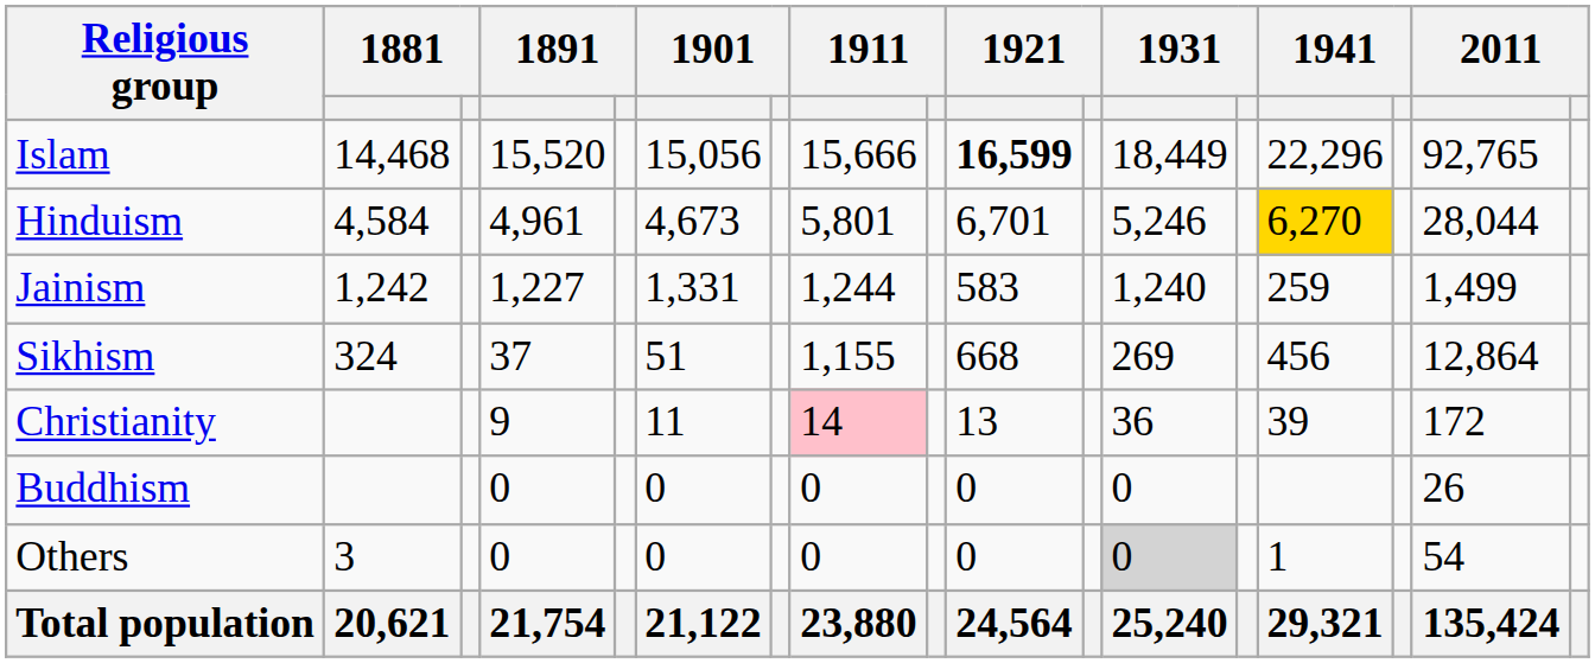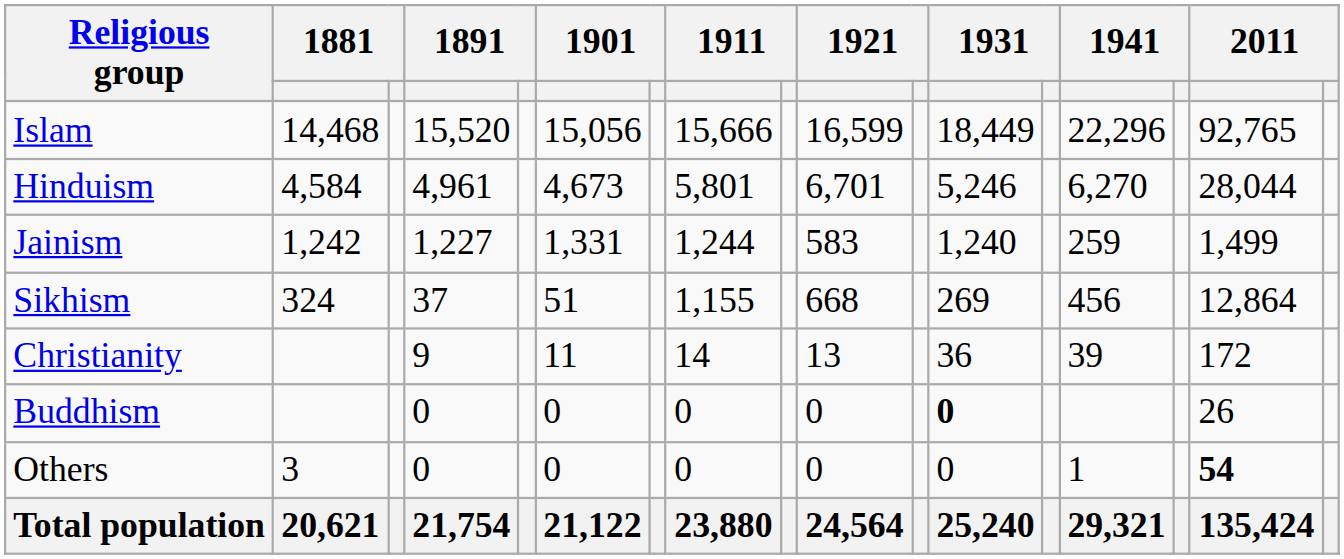 <table class="wikitable collapsible sortable">
 <tr>
 <th rowspan="2"><a href='#'>Religious</a><br>group</th>
 <th colspan="2">1881</th>
 <th colspan="2">1891</th>
 <th colspan="2">1901</th>
 <th colspan="2">1911</th>
 <th colspan="2">1921</th>
 <th colspan="2">1931</th>
 <th colspan="2">1941</th>
 <th colspan="2">2011</th>
 </tr>
 <tr>
 <th><a href='#'></a></th>
 <th></th>
 <th></th>
 <th></th>
 <th></th>
 <th></th>
 <th></th>
 <th></th>
 <th></th>
 <th></th>
 <th></th>
 <th></th>
 <th></th>
 <th></th>
 <th></th>
 <th></th>
 </tr>
 <tr>
 <td><a href='#'>Islam</a> </td>
 <td>14,468</td>
 <td></td>
 <td>15,520</td>
 <td></td>
 <td>15,056</td>
 <td></td>
 <td>15,666</td>
 <td></td>
-<td><strong>16,599</strong></td>
+<td>16,599</td>
 <td></td>
 <td>18,449</td>
 <td></td>
 <td>22,296</td>
 <td></td>
 <td>92,765</td>
 <td></td>
 </tr>
 <tr>
 <td><a href='#'>Hinduism</a> </td>
 <td>4,584</td>
 <td></td>
 <td>4,961</td>
 <td></td>
 <td>4,673</td>
 <td></td>
 <td>5,801</td>
 <td></td>
 <td>6,701</td>
 <td></td>
 <td>5,246</td>
 <td></td>
-<td style="background: gold;">6,270</td>
+<td>6,270</td>
 <td></td>
 <td>28,044</td>
 <td></td>
 </tr>
 <tr>
 <td><a href='#'>Jainism</a> </td>
 <td>1,242</td>
 <td></td>
 <td>1,227</td>
 <td></td>
 <td>1,331</td>
 <td></td>
 <td>1,244</td>
 <td></td>
 <td>583</td>
 <td></td>
 <td>1,240</td>
 <td></td>
 <td>259</td>
 <td></td>
 <td>1,499</td>
 <td></td>
 </tr>
 <tr>
 <td><a href='#'>Sikhism</a> </td>
 <td>324</td>
 <td></td>
 <td>37</td>
 <td></td>
 <td>51</td>
 <td></td>
 <td>1,155</td>
 <td></td>
 <td>668</td>
 <td></td>
 <td>269</td>
 <td></td>
 <td>456</td>
 <td></td>
 <td>12,864</td>
 <td></td>
 </tr>
 <tr>
 <td><a href='#'>Christianity</a> </td>
 <td></td>
 <td></td>
 <td>9</td>
 <td></td>
 <td>11</td>
 <td></td>
-<td style="background: pink;">14</td>
+<td>14</td>
 <td></td>
 <td>13</td>
 <td></td>
 <td>36</td>
 <td></td>
 <td>39</td>
 <td></td>
 <td>172</td>
 <td></td>
 </tr>
 <tr>
 <td><a href='#'>Buddhism</a> </td>
 <td></td>
 <td></td>
 <td>0</td>
 <td></td>
 <td>0</td>
 <td></td>
 <td>0</td>
 <td></td>
 <td>0</td>
 <td></td>
-<td>0</td>
+<td><strong>0</strong></td>
 <td></td>
 <td></td>
 <td></td>
 <td>26</td>
 <td></td>
 </tr>
 <tr>
 <td>Others</td>
 <td>3</td>
 <td></td>
 <td>0</td>
 <td></td>
 <td>0</td>
 <td></td>
 <td>0</td>
 <td></td>
 <td>0</td>
 <td></td>
-<td style="background: lightgrey;">0</td>
+<td>0</td>
 <td></td>
 <td>1</td>
 <td></td>
-<td>54</td>
+<td><strong>54</strong></td>
 <td></td>
 </tr>
 <tr>
 <th>Total population</th>
 <th>20,621</th>
 <th></th>
 <th>21,754</th>
 <th></th>
 <th>21,122</th>
 <th></th>
 <th>23,880</th>
 <th></th>
 <th>24,564</th>
 <th></th>
 <th>25,240</th>
 <th></th>
 <th>29,321</th>
 <th></th>
 <th>135,424</th>
 <th></th>
 </tr>
 </table>
